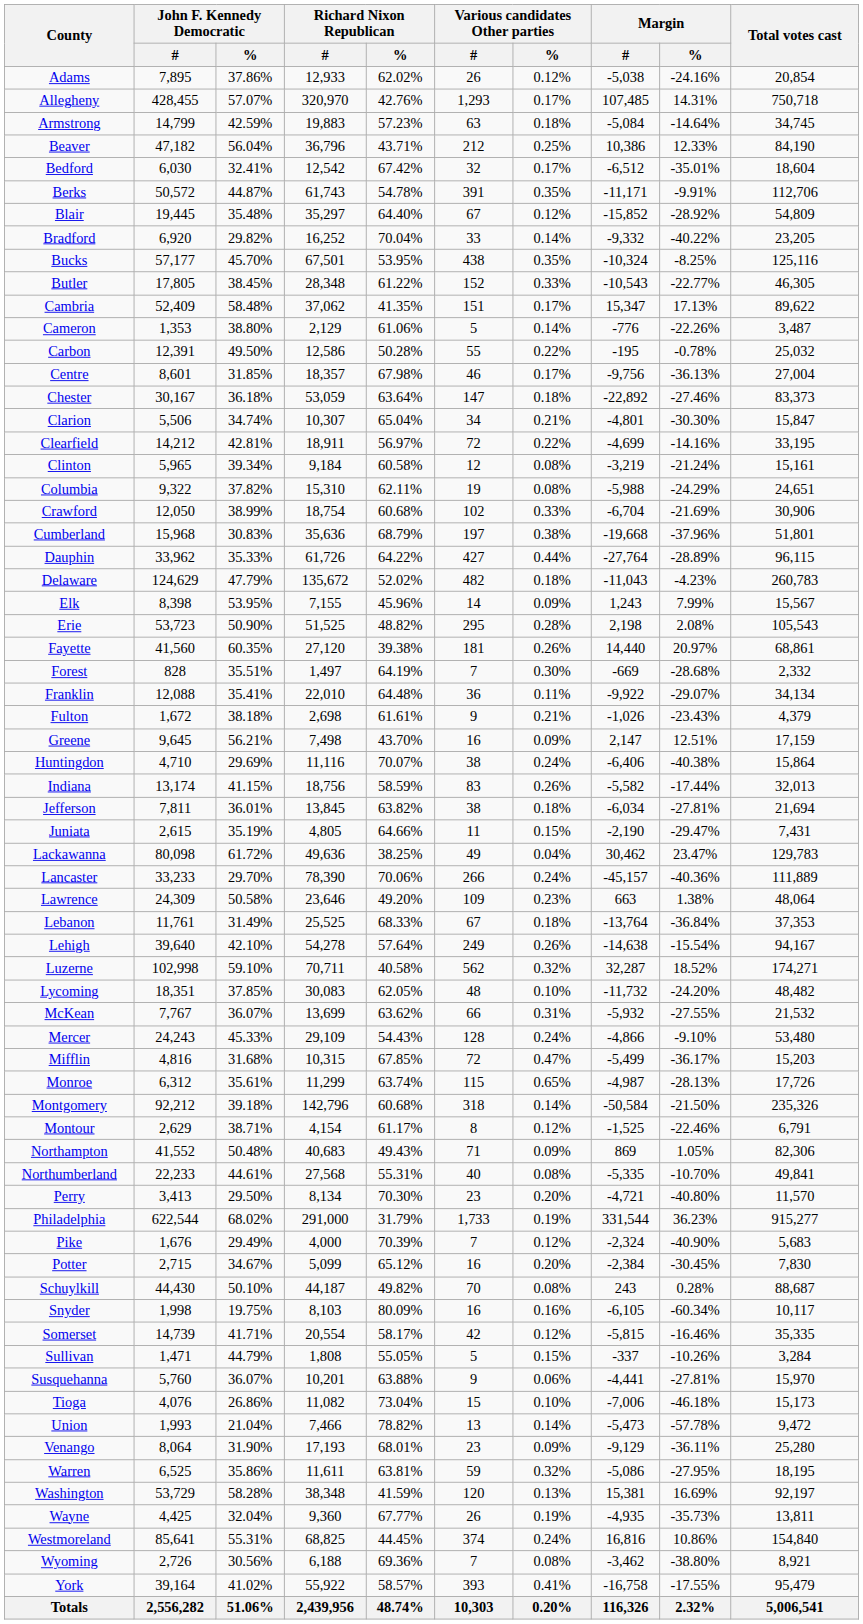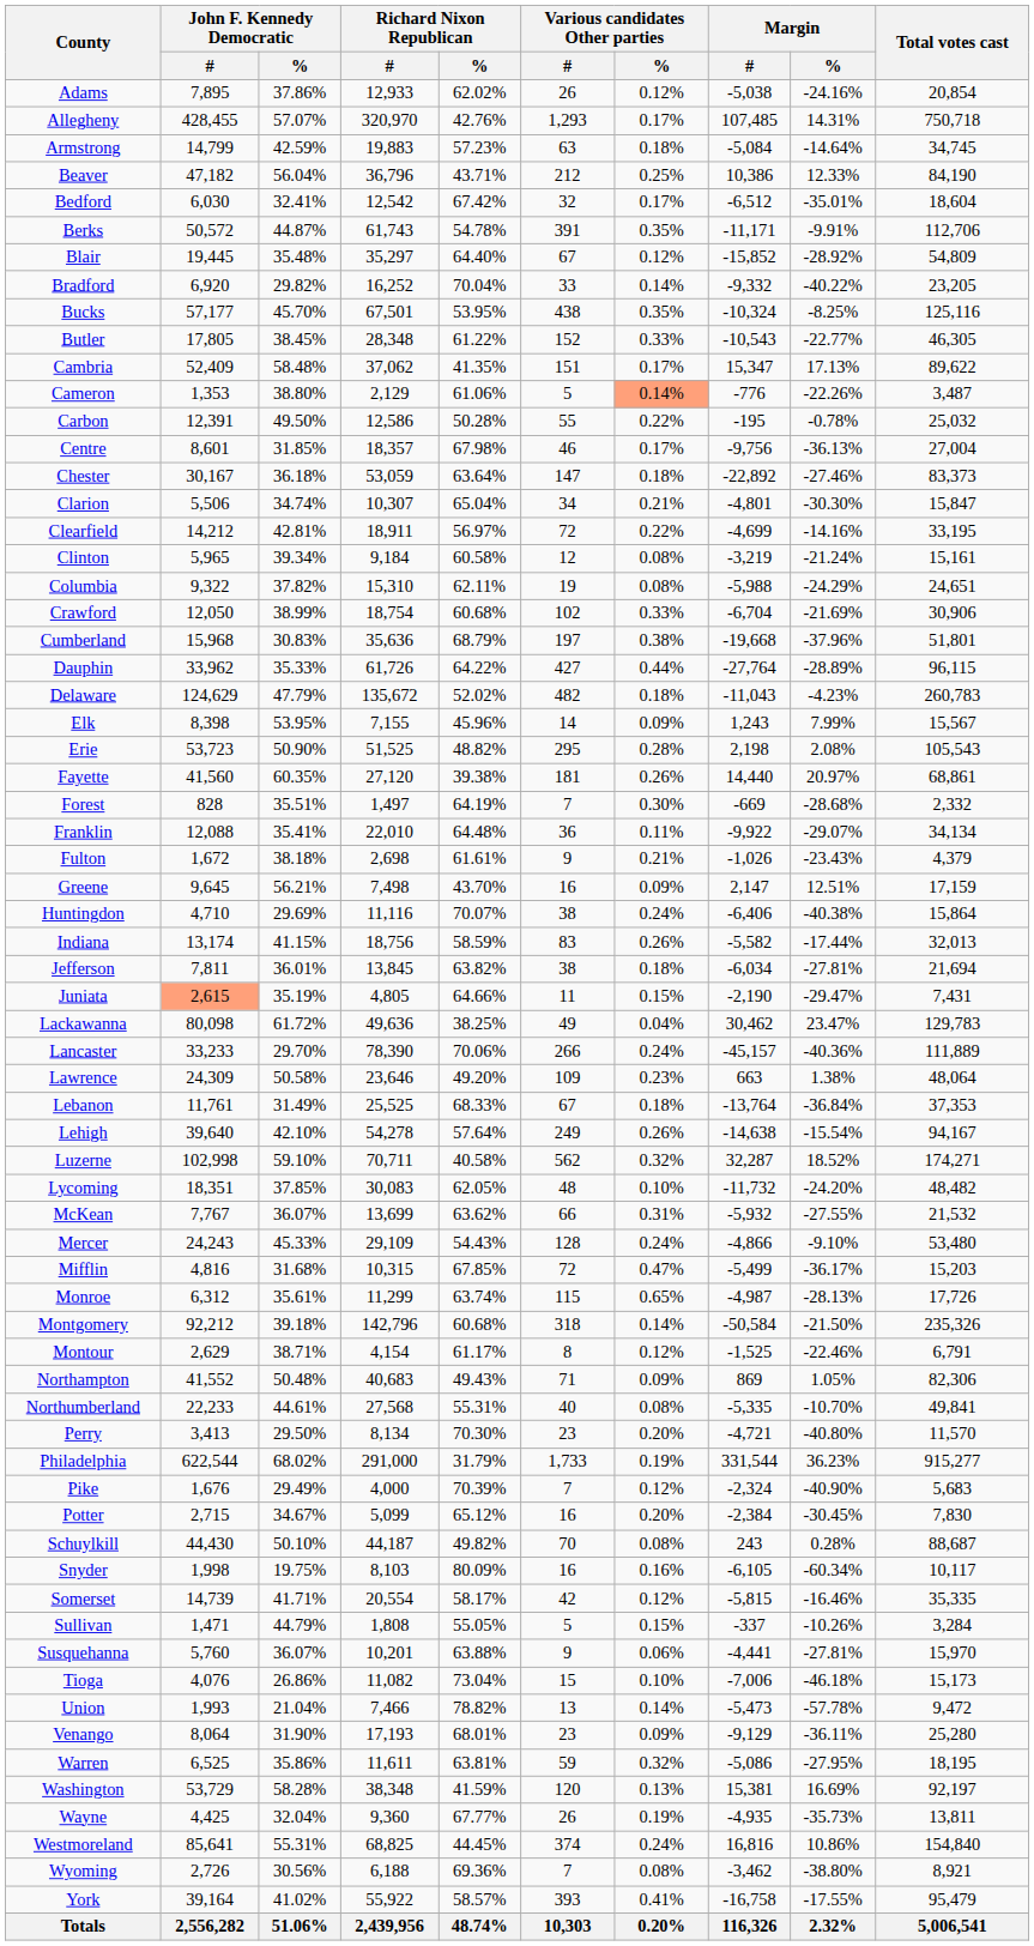 <table width="60%"  class="wikitable sortable" style="text-align:center">
 <tr>
 <th style="text-align:center;" rowspan="2">County</th>
 <th style="text-align:center;" colspan="2">John F. Kennedy<br>Democratic</th>
 <th style="text-align:center;" colspan="2">Richard Nixon<br>Republican</th>
 <th style="text-align:center;" colspan="2">Various candidates<br>Other parties</th>
 <th style="text-align:center;" colspan="2">Margin</th>
 <th style="text-align:center;" rowspan="2">Total votes cast</th>
 </tr>
 <tr>
 <th style="text-align:center;" data-sort-type="number">#</th>
 <th style="text-align:center;" data-sort-type="number">%</th>
 <th style="text-align:center;" data-sort-type="number">#</th>
 <th style="text-align:center;" data-sort-type="number">%</th>
 <th style="text-align:center;" data-sort-type="number">#</th>
 <th style="text-align:center;" data-sort-type="number">%</th>
 <th style="text-align:center;" data-sort-type="number">#</th>
 <th style="text-align:center;" data-sort-type="number">%</th>
 </tr>
 <tr style="text-align:center;">
 <td><a href='#'>Adams</a></td>
 <td>7,895</td>
 <td>37.86%</td>
 <td>12,933</td>
 <td>62.02%</td>
 <td>26</td>
 <td>0.12%</td>
 <td>-5,038</td>
 <td>-24.16%</td>
 <td>20,854</td>
 </tr>
 <tr style="text-align:center;">
 <td><a href='#'>Allegheny</a></td>
 <td>428,455</td>
 <td>57.07%</td>
 <td>320,970</td>
 <td>42.76%</td>
 <td>1,293</td>
 <td>0.17%</td>
 <td>107,485</td>
 <td>14.31%</td>
 <td>750,718</td>
 </tr>
 <tr style="text-align:center;">
 <td><a href='#'>Armstrong</a></td>
 <td>14,799</td>
 <td>42.59%</td>
 <td>19,883</td>
 <td>57.23%</td>
 <td>63</td>
 <td>0.18%</td>
 <td>-5,084</td>
 <td>-14.64%</td>
 <td>34,745</td>
 </tr>
 <tr style="text-align:center;">
 <td><a href='#'>Beaver</a></td>
 <td>47,182</td>
 <td>56.04%</td>
 <td>36,796</td>
 <td>43.71%</td>
 <td>212</td>
 <td>0.25%</td>
 <td>10,386</td>
 <td>12.33%</td>
 <td>84,190</td>
 </tr>
 <tr style="text-align:center;">
 <td><a href='#'>Bedford</a></td>
 <td>6,030</td>
 <td>32.41%</td>
 <td>12,542</td>
 <td>67.42%</td>
 <td>32</td>
 <td>0.17%</td>
 <td>-6,512</td>
 <td>-35.01%</td>
 <td>18,604</td>
 </tr>
 <tr style="text-align:center;">
 <td><a href='#'>Berks</a></td>
 <td>50,572</td>
 <td>44.87%</td>
 <td>61,743</td>
 <td>54.78%</td>
 <td>391</td>
 <td>0.35%</td>
 <td>-11,171</td>
 <td>-9.91%</td>
 <td>112,706</td>
 </tr>
 <tr style="text-align:center;">
 <td><a href='#'>Blair</a></td>
 <td>19,445</td>
 <td>35.48%</td>
 <td>35,297</td>
 <td>64.40%</td>
 <td>67</td>
 <td>0.12%</td>
 <td>-15,852</td>
 <td>-28.92%</td>
 <td>54,809</td>
 </tr>
 <tr style="text-align:center;">
 <td><a href='#'>Bradford</a></td>
 <td>6,920</td>
 <td>29.82%</td>
 <td>16,252</td>
 <td>70.04%</td>
 <td>33</td>
 <td>0.14%</td>
 <td>-9,332</td>
 <td>-40.22%</td>
 <td>23,205</td>
 </tr>
 <tr style="text-align:center;">
 <td><a href='#'>Bucks</a></td>
 <td>57,177</td>
 <td>45.70%</td>
 <td>67,501</td>
 <td>53.95%</td>
 <td>438</td>
 <td>0.35%</td>
 <td>-10,324</td>
 <td>-8.25%</td>
 <td>125,116</td>
 </tr>
 <tr style="text-align:center;">
 <td><a href='#'>Butler</a></td>
 <td>17,805</td>
 <td>38.45%</td>
 <td>28,348</td>
 <td>61.22%</td>
 <td>152</td>
 <td>0.33%</td>
 <td>-10,543</td>
 <td>-22.77%</td>
 <td>46,305</td>
 </tr>
 <tr style="text-align:center;">
 <td><a href='#'>Cambria</a></td>
 <td>52,409</td>
 <td>58.48%</td>
 <td>37,062</td>
 <td>41.35%</td>
 <td>151</td>
 <td>0.17%</td>
 <td>15,347</td>
 <td>17.13%</td>
 <td>89,622</td>
 </tr>
 <tr style="text-align:center;">
 <td><a href='#'>Cameron</a></td>
 <td>1,353</td>
 <td>38.80%</td>
 <td>2,129</td>
 <td>61.06%</td>
 <td>5</td>
-<td>0.14%</td>
+<td style="background: lightsalmon;">0.14%</td>
 <td>-776</td>
 <td>-22.26%</td>
 <td>3,487</td>
 </tr>
 <tr style="text-align:center;">
 <td><a href='#'>Carbon</a></td>
 <td>12,391</td>
 <td>49.50%</td>
 <td>12,586</td>
 <td>50.28%</td>
 <td>55</td>
 <td>0.22%</td>
 <td>-195</td>
 <td>-0.78%</td>
 <td>25,032</td>
 </tr>
 <tr style="text-align:center;">
 <td><a href='#'>Centre</a></td>
 <td>8,601</td>
 <td>31.85%</td>
 <td>18,357</td>
 <td>67.98%</td>
 <td>46</td>
 <td>0.17%</td>
 <td>-9,756</td>
 <td>-36.13%</td>
 <td>27,004</td>
 </tr>
 <tr style="text-align:center;">
 <td><a href='#'>Chester</a></td>
 <td>30,167</td>
 <td>36.18%</td>
 <td>53,059</td>
 <td>63.64%</td>
 <td>147</td>
 <td>0.18%</td>
 <td>-22,892</td>
 <td>-27.46%</td>
 <td>83,373</td>
 </tr>
 <tr style="text-align:center;">
 <td><a href='#'>Clarion</a></td>
 <td>5,506</td>
 <td>34.74%</td>
 <td>10,307</td>
 <td>65.04%</td>
 <td>34</td>
 <td>0.21%</td>
 <td>-4,801</td>
 <td>-30.30%</td>
 <td>15,847</td>
 </tr>
 <tr style="text-align:center;">
 <td><a href='#'>Clearfield</a></td>
 <td>14,212</td>
 <td>42.81%</td>
 <td>18,911</td>
 <td>56.97%</td>
 <td>72</td>
 <td>0.22%</td>
 <td>-4,699</td>
 <td>-14.16%</td>
 <td>33,195</td>
 </tr>
 <tr style="text-align:center;">
 <td><a href='#'>Clinton</a></td>
 <td>5,965</td>
 <td>39.34%</td>
 <td>9,184</td>
 <td>60.58%</td>
 <td>12</td>
 <td>0.08%</td>
 <td>-3,219</td>
 <td>-21.24%</td>
 <td>15,161</td>
 </tr>
 <tr style="text-align:center;">
 <td><a href='#'>Columbia</a></td>
 <td>9,322</td>
 <td>37.82%</td>
 <td>15,310</td>
 <td>62.11%</td>
 <td>19</td>
 <td>0.08%</td>
 <td>-5,988</td>
 <td>-24.29%</td>
 <td>24,651</td>
 </tr>
 <tr style="text-align:center;">
 <td><a href='#'>Crawford</a></td>
 <td>12,050</td>
 <td>38.99%</td>
 <td>18,754</td>
 <td>60.68%</td>
 <td>102</td>
 <td>0.33%</td>
 <td>-6,704</td>
 <td>-21.69%</td>
 <td>30,906</td>
 </tr>
 <tr style="text-align:center;">
 <td><a href='#'>Cumberland</a></td>
 <td>15,968</td>
 <td>30.83%</td>
 <td>35,636</td>
 <td>68.79%</td>
 <td>197</td>
 <td>0.38%</td>
 <td>-19,668</td>
 <td>-37.96%</td>
 <td>51,801</td>
 </tr>
 <tr style="text-align:center;">
 <td><a href='#'>Dauphin</a></td>
 <td>33,962</td>
 <td>35.33%</td>
 <td>61,726</td>
 <td>64.22%</td>
 <td>427</td>
 <td>0.44%</td>
 <td>-27,764</td>
 <td>-28.89%</td>
 <td>96,115</td>
 </tr>
 <tr style="text-align:center;">
 <td><a href='#'>Delaware</a></td>
 <td>124,629</td>
 <td>47.79%</td>
 <td>135,672</td>
 <td>52.02%</td>
 <td>482</td>
 <td>0.18%</td>
 <td>-11,043</td>
 <td>-4.23%</td>
 <td>260,783</td>
 </tr>
 <tr style="text-align:center;">
 <td><a href='#'>Elk</a></td>
 <td>8,398</td>
 <td>53.95%</td>
 <td>7,155</td>
 <td>45.96%</td>
 <td>14</td>
 <td>0.09%</td>
 <td>1,243</td>
 <td>7.99%</td>
 <td>15,567</td>
 </tr>
 <tr style="text-align:center;">
 <td><a href='#'>Erie</a></td>
 <td>53,723</td>
 <td>50.90%</td>
 <td>51,525</td>
 <td>48.82%</td>
 <td>295</td>
 <td>0.28%</td>
 <td>2,198</td>
 <td>2.08%</td>
 <td>105,543</td>
 </tr>
 <tr style="text-align:center;">
 <td><a href='#'>Fayette</a></td>
 <td>41,560</td>
 <td>60.35%</td>
 <td>27,120</td>
 <td>39.38%</td>
 <td>181</td>
 <td>0.26%</td>
 <td>14,440</td>
 <td>20.97%</td>
 <td>68,861</td>
 </tr>
 <tr style="text-align:center;">
 <td><a href='#'>Forest</a></td>
 <td>828</td>
 <td>35.51%</td>
 <td>1,497</td>
 <td>64.19%</td>
 <td>7</td>
 <td>0.30%</td>
 <td>-669</td>
 <td>-28.68%</td>
 <td>2,332</td>
 </tr>
 <tr style="text-align:center;">
 <td><a href='#'>Franklin</a></td>
 <td>12,088</td>
 <td>35.41%</td>
 <td>22,010</td>
 <td>64.48%</td>
 <td>36</td>
 <td>0.11%</td>
 <td>-9,922</td>
 <td>-29.07%</td>
 <td>34,134</td>
 </tr>
 <tr style="text-align:center;">
 <td><a href='#'>Fulton</a></td>
 <td>1,672</td>
 <td>38.18%</td>
 <td>2,698</td>
 <td>61.61%</td>
 <td>9</td>
 <td>0.21%</td>
 <td>-1,026</td>
 <td>-23.43%</td>
 <td>4,379</td>
 </tr>
 <tr style="text-align:center;">
 <td><a href='#'>Greene</a></td>
 <td>9,645</td>
 <td>56.21%</td>
 <td>7,498</td>
 <td>43.70%</td>
 <td>16</td>
 <td>0.09%</td>
 <td>2,147</td>
 <td>12.51%</td>
 <td>17,159</td>
 </tr>
 <tr style="text-align:center;">
 <td><a href='#'>Huntingdon</a></td>
 <td>4,710</td>
 <td>29.69%</td>
 <td>11,116</td>
 <td>70.07%</td>
 <td>38</td>
 <td>0.24%</td>
 <td>-6,406</td>
 <td>-40.38%</td>
 <td>15,864</td>
 </tr>
 <tr style="text-align:center;">
 <td><a href='#'>Indiana</a></td>
 <td>13,174</td>
 <td>41.15%</td>
 <td>18,756</td>
 <td>58.59%</td>
 <td>83</td>
 <td>0.26%</td>
 <td>-5,582</td>
 <td>-17.44%</td>
 <td>32,013</td>
 </tr>
 <tr style="text-align:center;">
 <td><a href='#'>Jefferson</a></td>
 <td>7,811</td>
 <td>36.01%</td>
 <td>13,845</td>
 <td>63.82%</td>
 <td>38</td>
 <td>0.18%</td>
 <td>-6,034</td>
 <td>-27.81%</td>
 <td>21,694</td>
 </tr>
 <tr style="text-align:center;">
 <td><a href='#'>Juniata</a></td>
-<td>2,615</td>
+<td style="background: lightsalmon;">2,615</td>
 <td>35.19%</td>
 <td>4,805</td>
 <td>64.66%</td>
 <td>11</td>
 <td>0.15%</td>
 <td>-2,190</td>
 <td>-29.47%</td>
 <td>7,431</td>
 </tr>
 <tr style="text-align:center;">
 <td><a href='#'>Lackawanna</a></td>
 <td>80,098</td>
 <td>61.72%</td>
 <td>49,636</td>
 <td>38.25%</td>
 <td>49</td>
 <td>0.04%</td>
 <td>30,462</td>
 <td>23.47%</td>
 <td>129,783</td>
 </tr>
 <tr style="text-align:center;">
 <td><a href='#'>Lancaster</a></td>
 <td>33,233</td>
 <td>29.70%</td>
 <td>78,390</td>
 <td>70.06%</td>
 <td>266</td>
 <td>0.24%</td>
 <td>-45,157</td>
 <td>-40.36%</td>
 <td>111,889</td>
 </tr>
 <tr style="text-align:center;">
 <td><a href='#'>Lawrence</a></td>
 <td>24,309</td>
 <td>50.58%</td>
 <td>23,646</td>
 <td>49.20%</td>
 <td>109</td>
 <td>0.23%</td>
 <td>663</td>
 <td>1.38%</td>
 <td>48,064</td>
 </tr>
 <tr style="text-align:center;">
 <td><a href='#'>Lebanon</a></td>
 <td>11,761</td>
 <td>31.49%</td>
 <td>25,525</td>
 <td>68.33%</td>
 <td>67</td>
 <td>0.18%</td>
 <td>-13,764</td>
 <td>-36.84%</td>
 <td>37,353</td>
 </tr>
 <tr style="text-align:center;">
 <td><a href='#'>Lehigh</a></td>
 <td>39,640</td>
 <td>42.10%</td>
 <td>54,278</td>
 <td>57.64%</td>
 <td>249</td>
 <td>0.26%</td>
 <td>-14,638</td>
 <td>-15.54%</td>
 <td>94,167</td>
 </tr>
 <tr style="text-align:center;">
 <td><a href='#'>Luzerne</a></td>
 <td>102,998</td>
 <td>59.10%</td>
 <td>70,711</td>
 <td>40.58%</td>
 <td>562</td>
 <td>0.32%</td>
 <td>32,287</td>
 <td>18.52%</td>
 <td>174,271</td>
 </tr>
 <tr style="text-align:center;">
 <td><a href='#'>Lycoming</a></td>
 <td>18,351</td>
 <td>37.85%</td>
 <td>30,083</td>
 <td>62.05%</td>
 <td>48</td>
 <td>0.10%</td>
 <td>-11,732</td>
 <td>-24.20%</td>
 <td>48,482</td>
 </tr>
 <tr style="text-align:center;">
 <td><a href='#'>McKean</a></td>
 <td>7,767</td>
 <td>36.07%</td>
 <td>13,699</td>
 <td>63.62%</td>
 <td>66</td>
 <td>0.31%</td>
 <td>-5,932</td>
 <td>-27.55%</td>
 <td>21,532</td>
 </tr>
 <tr style="text-align:center;">
 <td><a href='#'>Mercer</a></td>
 <td>24,243</td>
 <td>45.33%</td>
 <td>29,109</td>
 <td>54.43%</td>
 <td>128</td>
 <td>0.24%</td>
 <td>-4,866</td>
 <td>-9.10%</td>
 <td>53,480</td>
 </tr>
 <tr style="text-align:center;">
 <td><a href='#'>Mifflin</a></td>
 <td>4,816</td>
 <td>31.68%</td>
 <td>10,315</td>
 <td>67.85%</td>
 <td>72</td>
 <td>0.47%</td>
 <td>-5,499</td>
 <td>-36.17%</td>
 <td>15,203</td>
 </tr>
 <tr style="text-align:center;">
 <td><a href='#'>Monroe</a></td>
 <td>6,312</td>
 <td>35.61%</td>
 <td>11,299</td>
 <td>63.74%</td>
 <td>115</td>
 <td>0.65%</td>
 <td>-4,987</td>
 <td>-28.13%</td>
 <td>17,726</td>
 </tr>
 <tr style="text-align:center;">
 <td><a href='#'>Montgomery</a></td>
 <td>92,212</td>
 <td>39.18%</td>
 <td>142,796</td>
 <td>60.68%</td>
 <td>318</td>
 <td>0.14%</td>
 <td>-50,584</td>
 <td>-21.50%</td>
 <td>235,326</td>
 </tr>
 <tr style="text-align:center;">
 <td><a href='#'>Montour</a></td>
 <td>2,629</td>
 <td>38.71%</td>
 <td>4,154</td>
 <td>61.17%</td>
 <td>8</td>
 <td>0.12%</td>
 <td>-1,525</td>
 <td>-22.46%</td>
 <td>6,791</td>
 </tr>
 <tr style="text-align:center;">
 <td><a href='#'>Northampton</a></td>
 <td>41,552</td>
 <td>50.48%</td>
 <td>40,683</td>
 <td>49.43%</td>
 <td>71</td>
 <td>0.09%</td>
 <td>869</td>
 <td>1.05%</td>
 <td>82,306</td>
 </tr>
 <tr style="text-align:center;">
 <td><a href='#'>Northumberland</a></td>
 <td>22,233</td>
 <td>44.61%</td>
 <td>27,568</td>
 <td>55.31%</td>
 <td>40</td>
 <td>0.08%</td>
 <td>-5,335</td>
 <td>-10.70%</td>
 <td>49,841</td>
 </tr>
 <tr style="text-align:center;">
 <td><a href='#'>Perry</a></td>
 <td>3,413</td>
 <td>29.50%</td>
 <td>8,134</td>
 <td>70.30%</td>
 <td>23</td>
 <td>0.20%</td>
 <td>-4,721</td>
 <td>-40.80%</td>
 <td>11,570</td>
 </tr>
 <tr style="text-align:center;">
 <td><a href='#'>Philadelphia</a></td>
 <td>622,544</td>
 <td>68.02%</td>
 <td>291,000</td>
 <td>31.79%</td>
 <td>1,733</td>
 <td>0.19%</td>
 <td>331,544</td>
 <td>36.23%</td>
 <td>915,277</td>
 </tr>
 <tr style="text-align:center;">
 <td><a href='#'>Pike</a></td>
 <td>1,676</td>
 <td>29.49%</td>
 <td>4,000</td>
 <td>70.39%</td>
 <td>7</td>
 <td>0.12%</td>
 <td>-2,324</td>
 <td>-40.90%</td>
 <td>5,683</td>
 </tr>
 <tr style="text-align:center;">
 <td><a href='#'>Potter</a></td>
 <td>2,715</td>
 <td>34.67%</td>
 <td>5,099</td>
 <td>65.12%</td>
 <td>16</td>
 <td>0.20%</td>
 <td>-2,384</td>
 <td>-30.45%</td>
 <td>7,830</td>
 </tr>
 <tr style="text-align:center;">
 <td><a href='#'>Schuylkill</a></td>
 <td>44,430</td>
 <td>50.10%</td>
 <td>44,187</td>
 <td>49.82%</td>
 <td>70</td>
 <td>0.08%</td>
 <td>243</td>
 <td>0.28%</td>
 <td>88,687</td>
 </tr>
 <tr style="text-align:center;">
 <td><a href='#'>Snyder</a></td>
 <td>1,998</td>
 <td>19.75%</td>
 <td>8,103</td>
 <td>80.09%</td>
 <td>16</td>
 <td>0.16%</td>
 <td>-6,105</td>
 <td>-60.34%</td>
 <td>10,117</td>
 </tr>
 <tr style="text-align:center;">
 <td><a href='#'>Somerset</a></td>
 <td>14,739</td>
 <td>41.71%</td>
 <td>20,554</td>
 <td>58.17%</td>
 <td>42</td>
 <td>0.12%</td>
 <td>-5,815</td>
 <td>-16.46%</td>
 <td>35,335</td>
 </tr>
 <tr style="text-align:center;">
 <td><a href='#'>Sullivan</a></td>
 <td>1,471</td>
 <td>44.79%</td>
 <td>1,808</td>
 <td>55.05%</td>
 <td>5</td>
 <td>0.15%</td>
 <td>-337</td>
 <td>-10.26%</td>
 <td>3,284</td>
 </tr>
 <tr style="text-align:center;">
 <td><a href='#'>Susquehanna</a></td>
 <td>5,760</td>
 <td>36.07%</td>
 <td>10,201</td>
 <td>63.88%</td>
 <td>9</td>
 <td>0.06%</td>
 <td>-4,441</td>
 <td>-27.81%</td>
 <td>15,970</td>
 </tr>
 <tr style="text-align:center;">
 <td><a href='#'>Tioga</a></td>
 <td>4,076</td>
 <td>26.86%</td>
 <td>11,082</td>
 <td>73.04%</td>
 <td>15</td>
 <td>0.10%</td>
 <td>-7,006</td>
 <td>-46.18%</td>
 <td>15,173</td>
 </tr>
 <tr style="text-align:center;">
 <td><a href='#'>Union</a></td>
 <td>1,993</td>
 <td>21.04%</td>
 <td>7,466</td>
 <td>78.82%</td>
 <td>13</td>
 <td>0.14%</td>
 <td>-5,473</td>
 <td>-57.78%</td>
 <td>9,472</td>
 </tr>
 <tr style="text-align:center;">
 <td><a href='#'>Venango</a></td>
 <td>8,064</td>
 <td>31.90%</td>
 <td>17,193</td>
 <td>68.01%</td>
 <td>23</td>
 <td>0.09%</td>
 <td>-9,129</td>
 <td>-36.11%</td>
 <td>25,280</td>
 </tr>
 <tr style="text-align:center;">
 <td><a href='#'>Warren</a></td>
 <td>6,525</td>
 <td>35.86%</td>
 <td>11,611</td>
 <td>63.81%</td>
 <td>59</td>
 <td>0.32%</td>
 <td>-5,086</td>
 <td>-27.95%</td>
 <td>18,195</td>
 </tr>
 <tr style="text-align:center;">
 <td><a href='#'>Washington</a></td>
 <td>53,729</td>
 <td>58.28%</td>
 <td>38,348</td>
 <td>41.59%</td>
 <td>120</td>
 <td>0.13%</td>
 <td>15,381</td>
 <td>16.69%</td>
 <td>92,197</td>
 </tr>
 <tr style="text-align:center;">
 <td><a href='#'>Wayne</a></td>
 <td>4,425</td>
 <td>32.04%</td>
 <td>9,360</td>
 <td>67.77%</td>
 <td>26</td>
 <td>0.19%</td>
 <td>-4,935</td>
 <td>-35.73%</td>
 <td>13,811</td>
 </tr>
 <tr style="text-align:center;">
 <td><a href='#'>Westmoreland</a></td>
 <td>85,641</td>
 <td>55.31%</td>
 <td>68,825</td>
 <td>44.45%</td>
 <td>374</td>
 <td>0.24%</td>
 <td>16,816</td>
 <td>10.86%</td>
 <td>154,840</td>
 </tr>
 <tr style="text-align:center;">
 <td><a href='#'>Wyoming</a></td>
 <td>2,726</td>
 <td>30.56%</td>
 <td>6,188</td>
 <td>69.36%</td>
 <td>7</td>
 <td>0.08%</td>
 <td>-3,462</td>
 <td>-38.80%</td>
 <td>8,921</td>
 </tr>
 <tr style="text-align:center;">
 <td><a href='#'>York</a></td>
 <td>39,164</td>
 <td>41.02%</td>
 <td>55,922</td>
 <td>58.57%</td>
 <td>393</td>
 <td>0.41%</td>
 <td>-16,758</td>
 <td>-17.55%</td>
 <td>95,479</td>
 </tr>
 <tr style="text-align:center;">
 <th>Totals</th>
 <th>2,556,282</th>
 <th>51.06%</th>
 <th>2,439,956</th>
 <th>48.74%</th>
 <th>10,303</th>
 <th>0.20%</th>
 <th>116,326</th>
 <th>2.32%</th>
 <th>5,006,541</th>
 </tr>
 </table>
